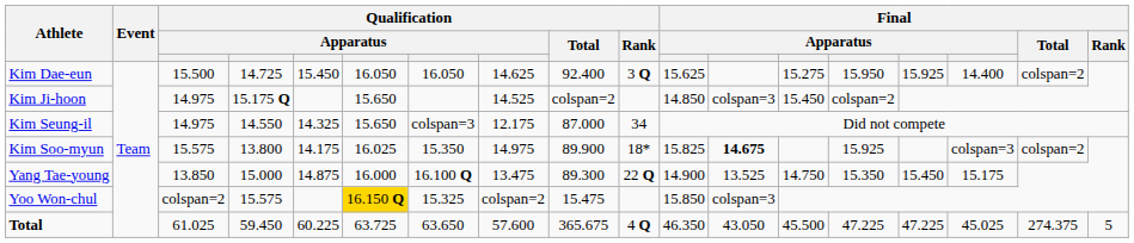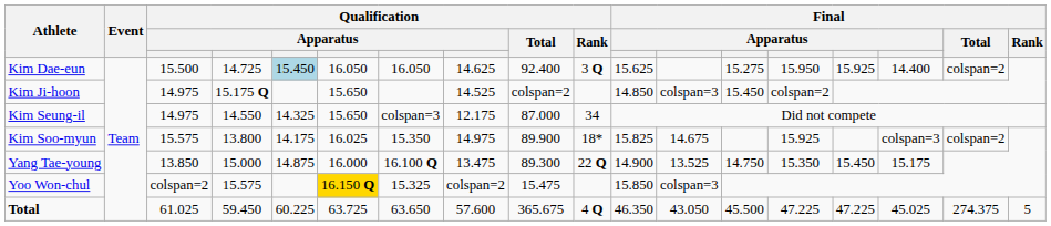 <table class="wikitable" style="font-size:90%">
 <tr>
 <th rowspan=3>Athlete</th>
 <th rowspan=3>Event</th>
 <th colspan =8>Qualification</th>
 <th colspan =8>Final</th>
 </tr>
 <tr style="font-size:95%">
 <th colspan=6>Apparatus</th>
 <th rowspan=2>Total</th>
 <th rowspan=2>Rank</th>
 <th colspan=6>Apparatus</th>
 <th rowspan=2>Total</th>
 <th rowspan=2>Rank</th>
 </tr>
 <tr style="font-size:95%">
 <th></th>
 <th></th>
 <th></th>
 <th></th>
 <th></th>
 <th></th>
 <th></th>
 <th></th>
 <th></th>
 <th></th>
 <th></th>
 <th></th>
 </tr>
 <tr align=center>
 <td align=left><a href='#'>Kim Dae-eun</a></td>
 <td rowspan=7 align=left><a href='#'>Team</a></td>
 <td>15.500</td>
 <td>14.725</td>
-<td>15.450</td>
+<td style="background: lightblue;">15.450</td>
 <td>16.050</td>
 <td>16.050</td>
 <td>14.625</td>
 <td>92.400</td>
 <td>3 <strong>Q</strong></td>
 <td>15.625</td>
 <td></td>
 <td>15.275</td>
 <td>15.950</td>
 <td>15.925</td>
 <td>14.400</td>
 <td>colspan=2 </td>
 </tr>
 <tr align=center>
 <td align=left><a href='#'>Kim Ji-hoon</a></td>
 <td>14.975</td>
 <td>15.175 <strong>Q</strong></td>
 <td></td>
 <td>15.650</td>
 <td></td>
 <td>14.525</td>
 <td>colspan=2 </td>
 <td></td>
 <td>14.850</td>
 <td>colspan=3 </td>
 <td>15.450</td>
 <td>colspan=2 </td>
 </tr>
 <tr align=center>
 <td align=left><a href='#'>Kim Seung-il</a></td>
 <td>14.975</td>
 <td>14.550</td>
 <td>14.325</td>
 <td>15.650</td>
 <td>colspan=3 </td>
 <td>12.175</td>
 <td>87.000</td>
 <td>34</td>
 <td colspan=8>Did not compete</td>
 </tr>
 <tr align=center>
 <td align=left><a href='#'>Kim Soo-myun</a></td>
 <td>15.575</td>
 <td>13.800</td>
 <td>14.175</td>
 <td>16.025</td>
 <td>15.350</td>
 <td>14.975</td>
 <td>89.900</td>
 <td>18*</td>
 <td>15.825</td>
-<td><strong>14.675</strong></td>
+<td>14.675</td>
 <td></td>
 <td>15.925</td>
 <td></td>
 <td>colspan=3 </td>
 <td>colspan=2 </td>
 </tr>
 <tr align=center>
 <td align=left><a href='#'>Yang Tae-young</a></td>
 <td>13.850</td>
 <td>15.000</td>
 <td>14.875</td>
 <td>16.000</td>
 <td>16.100 <strong>Q</strong></td>
 <td>13.475</td>
 <td>89.300</td>
 <td>22 <strong>Q</strong></td>
 <td>14.900</td>
 <td>13.525</td>
 <td>14.750</td>
 <td>15.350</td>
 <td>15.450</td>
 <td>15.175</td>
 </tr>
 <tr align=center>
 <td align=left><a href='#'>Yoo Won-chul</a></td>
 <td>colspan=2 </td>
 <td>15.575</td>
 <td></td>
 <td style="background: gold;">16.150 <strong>Q</strong></td>
 <td>15.325</td>
 <td>colspan=2 </td>
 <td>15.475</td>
 <td></td>
 <td>15.850</td>
 <td>colspan=3 </td>
 </tr>
 <tr align=center>
 <td align=left><strong>Total</strong></td>
 <td>61.025</td>
 <td>59.450</td>
 <td>60.225</td>
 <td>63.725</td>
 <td>63.650</td>
 <td>57.600</td>
 <td>365.675</td>
 <td>4 <strong>Q</strong></td>
 <td>46.350</td>
 <td>43.050</td>
 <td>45.500</td>
 <td>47.225</td>
 <td>47.225</td>
 <td>45.025</td>
 <td>274.375</td>
 <td>5</td>
 </tr>
 </table>
